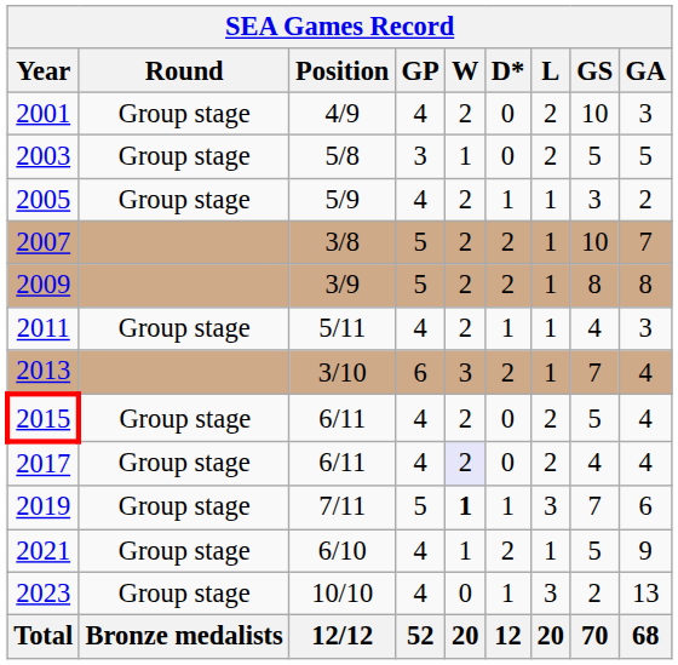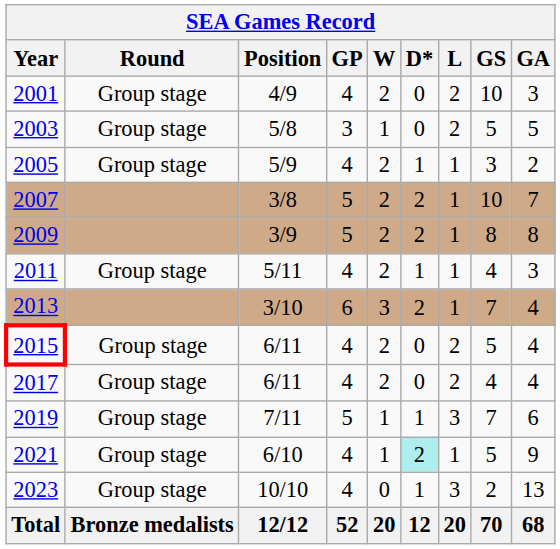 <table class="wikitable" style="text-align:center;">
 <tr>
 <th colspan=9><a href='#'>SEA Games Record</a></th>
 </tr>
 <tr>
 <th>Year</th>
 <th>Round</th>
 <th>Position</th>
 <th>GP</th>
 <th>W</th>
 <th>D*</th>
 <th>L</th>
 <th>GS</th>
 <th>GA</th>
 </tr>
 <tr>
 <td> <a href='#'>2001</a></td>
 <td>Group stage</td>
 <td>4/9</td>
 <td>4</td>
 <td>2</td>
 <td>0</td>
 <td>2</td>
 <td>10</td>
 <td>3</td>
 </tr>
 <tr>
 <td> <a href='#'>2003</a></td>
 <td>Group stage</td>
 <td>5/8</td>
 <td>3</td>
 <td>1</td>
 <td>0</td>
 <td>2</td>
 <td>5</td>
 <td>5</td>
 </tr>
 <tr>
 <td> <a href='#'>2005</a></td>
 <td>Group stage</td>
 <td>5/9</td>
 <td>4</td>
 <td>2</td>
 <td>1</td>
 <td>1</td>
 <td>3</td>
 <td>2</td>
 </tr>
 <tr bgcolor=#CFAA88>
 <td> <a href='#'>2007</a></td>
 <td></td>
 <td>3/8</td>
 <td>5</td>
 <td>2</td>
 <td>2</td>
 <td>1</td>
 <td>10</td>
 <td>7</td>
 </tr>
 <tr bgcolor=#CFAA88>
 <td> <a href='#'>2009</a></td>
 <td></td>
 <td>3/9</td>
 <td>5</td>
 <td>2</td>
 <td>2</td>
 <td>1</td>
 <td>8</td>
 <td>8</td>
 </tr>
 <tr>
 <td> <a href='#'>2011</a></td>
 <td>Group stage</td>
 <td>5/11</td>
 <td>4</td>
 <td>2</td>
 <td>1</td>
 <td>1</td>
 <td>4</td>
 <td>3</td>
 </tr>
 <tr bgcolor=#CFAA88>
 <td> <a href='#'>2013</a></td>
 <td></td>
 <td>3/10</td>
 <td>6</td>
 <td>3</td>
 <td>2</td>
 <td>1</td>
 <td>7</td>
 <td>4</td>
 </tr>
 <tr>
 <td style="border:3px solid red"> <a href='#'>2015</a></td>
 <td>Group stage</td>
 <td>6/11</td>
 <td>4</td>
 <td>2</td>
 <td>0</td>
 <td>2</td>
 <td>5</td>
 <td>4</td>
 </tr>
 <tr>
 <td> <a href='#'>2017</a></td>
 <td>Group stage</td>
 <td>6/11</td>
 <td>4</td>
-<td style="background: lavender;">2</td>
+<td>2</td>
 <td>0</td>
 <td>2</td>
 <td>4</td>
 <td>4</td>
 </tr>
 <tr>
 <td> <a href='#'>2019</a></td>
 <td>Group stage</td>
 <td>7/11</td>
 <td>5</td>
-<td><strong>1</strong></td>
+<td>1</td>
 <td>1</td>
 <td>3</td>
 <td>7</td>
 <td>6</td>
 </tr>
 <tr>
 <td> <a href='#'>2021</a></td>
 <td>Group stage</td>
 <td>6/10</td>
 <td>4</td>
 <td>1</td>
-<td>2</td>
+<td style="background: paleturquoise;">2</td>
 <td>1</td>
 <td>5</td>
 <td>9</td>
 </tr>
 <tr>
 <td> <a href='#'>2023</a></td>
 <td>Group stage</td>
 <td>10/10</td>
 <td>4</td>
 <td>0</td>
 <td>1</td>
 <td>3</td>
 <td>2</td>
 <td>13</td>
 </tr>
 <tr>
 <th>Total</th>
 <th>Bronze medalists</th>
 <th>12/12</th>
 <th>52</th>
 <th>20</th>
 <th>12</th>
 <th>20</th>
 <th>70</th>
 <th>68</th>
 </tr>
 </table>
